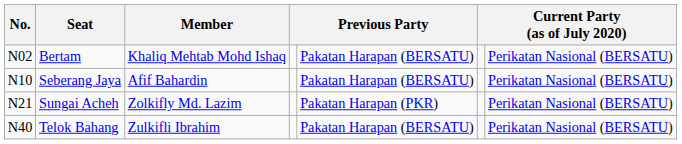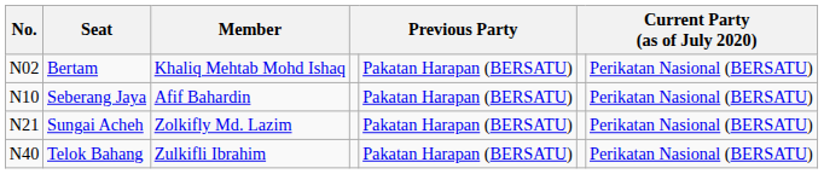 <table class="wikitable sortable mw-collapsible mw-collapsed" style="font-size:95%;">
 <tr>
 <th scope="col">No.</th>
 <th scope="col">Seat</th>
 <th scope="col">Member</th>
 <th colspan="2" scope="col">Previous Party</th>
 <th colspan="2" scope="col">Current Party<br>(as of July 2020)</th>
 </tr>
 <tr>
 <td>N02</td>
 <td><a href='#'>Bertam</a></td>
 <td><a href='#'>Khaliq Mehtab Mohd Ishaq</a></td>
 <td width="1"></td>
 <td><a href='#'>Pakatan Harapan</a> (<a href='#'>BERSATU</a>)</td>
 <td width="1"></td>
 <td><a href='#'>Perikatan Nasional</a> (<a href='#'>BERSATU</a>)</td>
 </tr>
 <tr>
 <td>N10</td>
 <td><a href='#'>Seberang Jaya</a></td>
 <td><a href='#'>Afif Bahardin</a></td>
 <td width="1"></td>
 <td><a href='#'>Pakatan Harapan</a> (<a href='#'>BERSATU</a>)</td>
 <td width="1"></td>
 <td><a href='#'>Perikatan Nasional</a> (<a href='#'>BERSATU</a>)</td>
 </tr>
 <tr>
 <td>N21</td>
 <td><a href='#'>Sungai Acheh</a></td>
 <td><a href='#'>Zolkifly Md. Lazim</a></td>
 <td width="1"></td>
-<td><a href='#'>Pakatan Harapan</a> (<a href='#'>PKR</a>)</td>
+<td><a href='#'>Pakatan Harapan</a> (<a href='#'>BERSATU</a>)</td>
 <td width="1"></td>
 <td><a href='#'>Perikatan Nasional</a> (<a href='#'>BERSATU</a>)</td>
 </tr>
 <tr>
 <td>N40</td>
 <td><a href='#'>Telok Bahang</a></td>
 <td><a href='#'>Zulkifli Ibrahim</a></td>
 <td width="1"></td>
 <td><a href='#'>Pakatan Harapan</a> (<a href='#'>BERSATU</a>)</td>
 <td width="1"></td>
 <td><a href='#'>Perikatan Nasional</a> (<a href='#'>BERSATU</a>)</td>
 </tr>
 </table>
